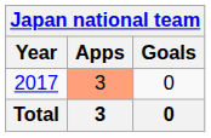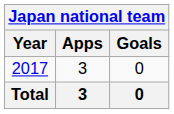 <table class="wikitable" style="text-align:center">
 <tr>
 <th colspan=3><a href='#'>Japan national team</a></th>
 </tr>
 <tr>
 <th>Year</th>
 <th>Apps</th>
 <th>Goals</th>
 </tr>
 <tr>
 <td><a href='#'>2017</a></td>
-<td style="background: lightsalmon;">3</td>
+<td>3</td>
 <td>0</td>
 </tr>
 <tr>
 <th>Total</th>
 <th>3</th>
 <th>0</th>
 </tr>
 </table>
